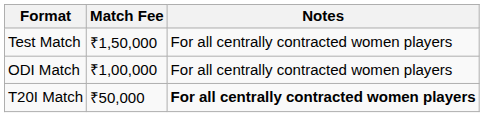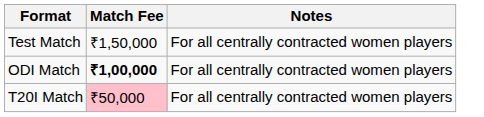 <table class="wikitable">
 <tr>
 <th>Format</th>
 <th>Match Fee</th>
 <th>Notes</th>
 </tr>
 <tr>
 <td>Test Match</td>
 <td>₹1,50,000</td>
 <td>For all centrally contracted women players</td>
 </tr>
 <tr>
 <td>ODI Match</td>
-<td>₹1,00,000</td>
+<td><strong>₹1,00,000</strong></td>
 <td>For all centrally contracted women players</td>
 </tr>
 <tr>
 <td>T20I Match</td>
-<td>₹50,000</td>
-<td><strong>For all centrally contracted women players</strong></td>
+<td style="background: pink;">₹50,000</td>
+<td>For all centrally contracted women players</td>
 </tr>
 </table>
